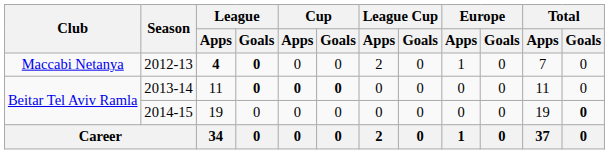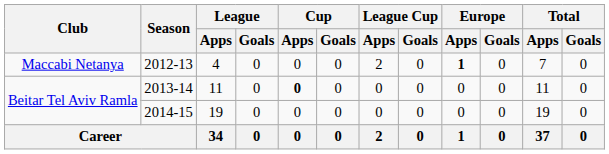 <table class="wikitable" style="font-size:90%; text-align: center;">
 <tr>
 <th rowspan="2">Club</th>
 <th rowspan="2">Season</th>
 <th colspan="2">League</th>
 <th colspan="2">Cup</th>
 <th colspan="2">League Cup</th>
 <th colspan="2">Europe</th>
 <th colspan="2">Total</th>
 </tr>
 <tr>
 <th>Apps</th>
 <th>Goals</th>
 <th>Apps</th>
 <th>Goals</th>
 <th>Apps</th>
 <th>Goals</th>
 <th>Apps</th>
 <th>Goals</th>
 <th>Apps</th>
 <th>Goals</th>
 </tr>
 <tr |-||-||-|>
 <td rowspan="1" valign="center"><a href='#'>Maccabi Netanya</a></td>
 <td>2012-13</td>
-<td><strong>4</strong></td>
-<td><strong>0</strong></td>
+<td>4</td>
+<td>0</td>
 <td>0</td>
 <td>0</td>
 <td>2</td>
 <td>0</td>
-<td>1</td>
+<td><strong>1</strong></td>
 <td>0</td>
 <td>7</td>
 <td>0</td>
 </tr>
 <tr>
 <td rowspan="2" valign="center"><a href='#'>Beitar Tel Aviv Ramla</a></td>
 <td>2013-14</td>
 <td>11</td>
+<td>0</td>
 <td><strong>0</strong></td>
-<td><strong>0</strong></td>
-<td><strong>0</strong></td>
+<td>0</td>
 <td>0</td>
 <td>0</td>
 <td>0</td>
 <td>0</td>
 <td>11</td>
 <td>0</td>
 </tr>
 <tr>
 <td>2014-15</td>
 <td>19</td>
 <td>0</td>
 <td>0</td>
 <td>0</td>
 <td>0</td>
 <td>0</td>
 <td>0</td>
 <td>0</td>
 <td>19</td>
-<td><strong>0</strong></td>
+<td>0</td>
 </tr>
 <tr>
 <th colspan="2" valign="center">Career</th>
 <th>34</th>
 <th>0</th>
 <th>0</th>
 <th>0</th>
 <th>2</th>
 <th>0</th>
 <th>1</th>
 <th>0</th>
 <th>37</th>
 <th>0</th>
 </tr>
 </table>
